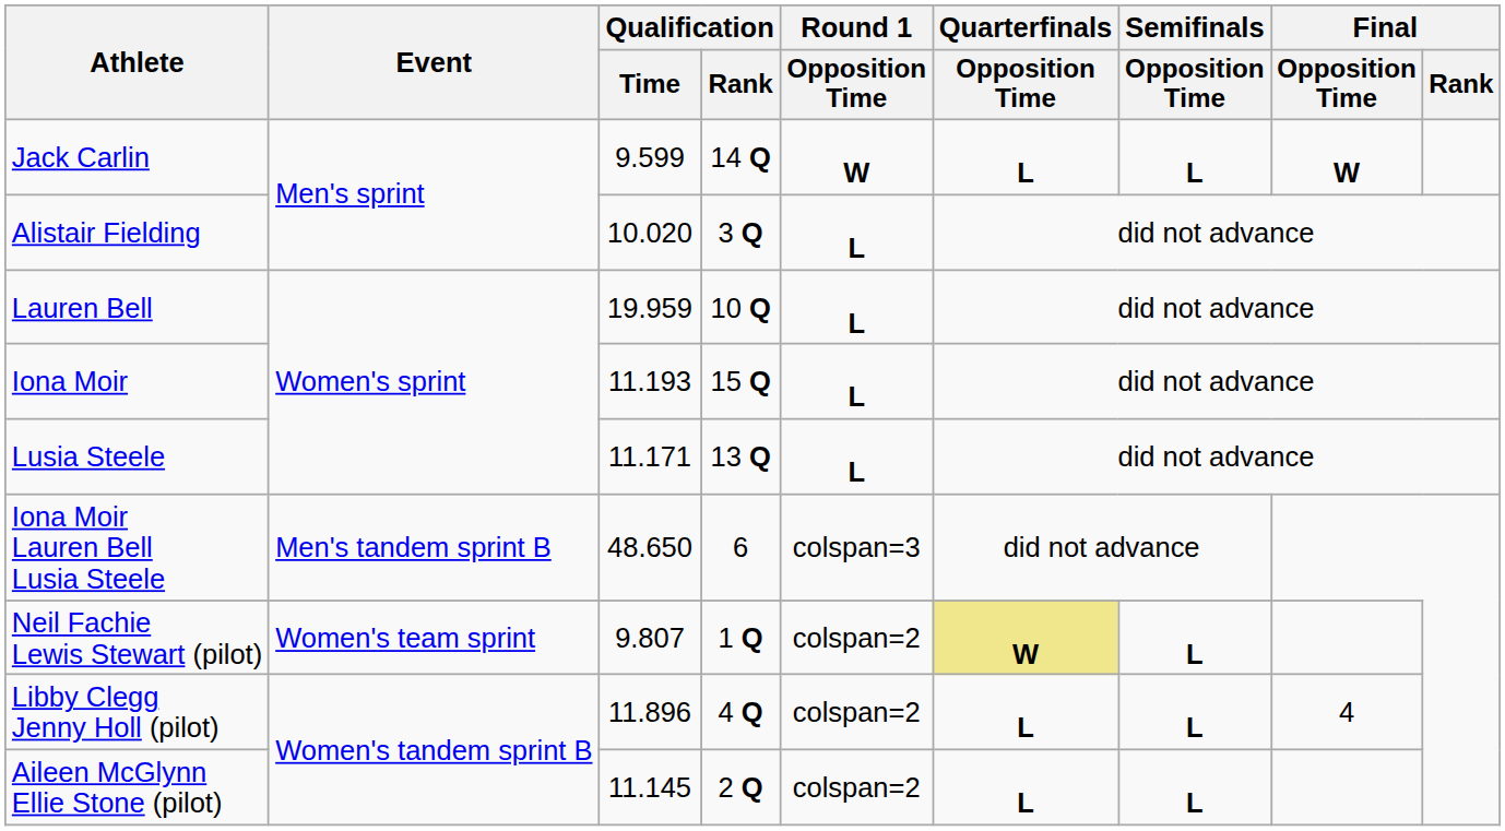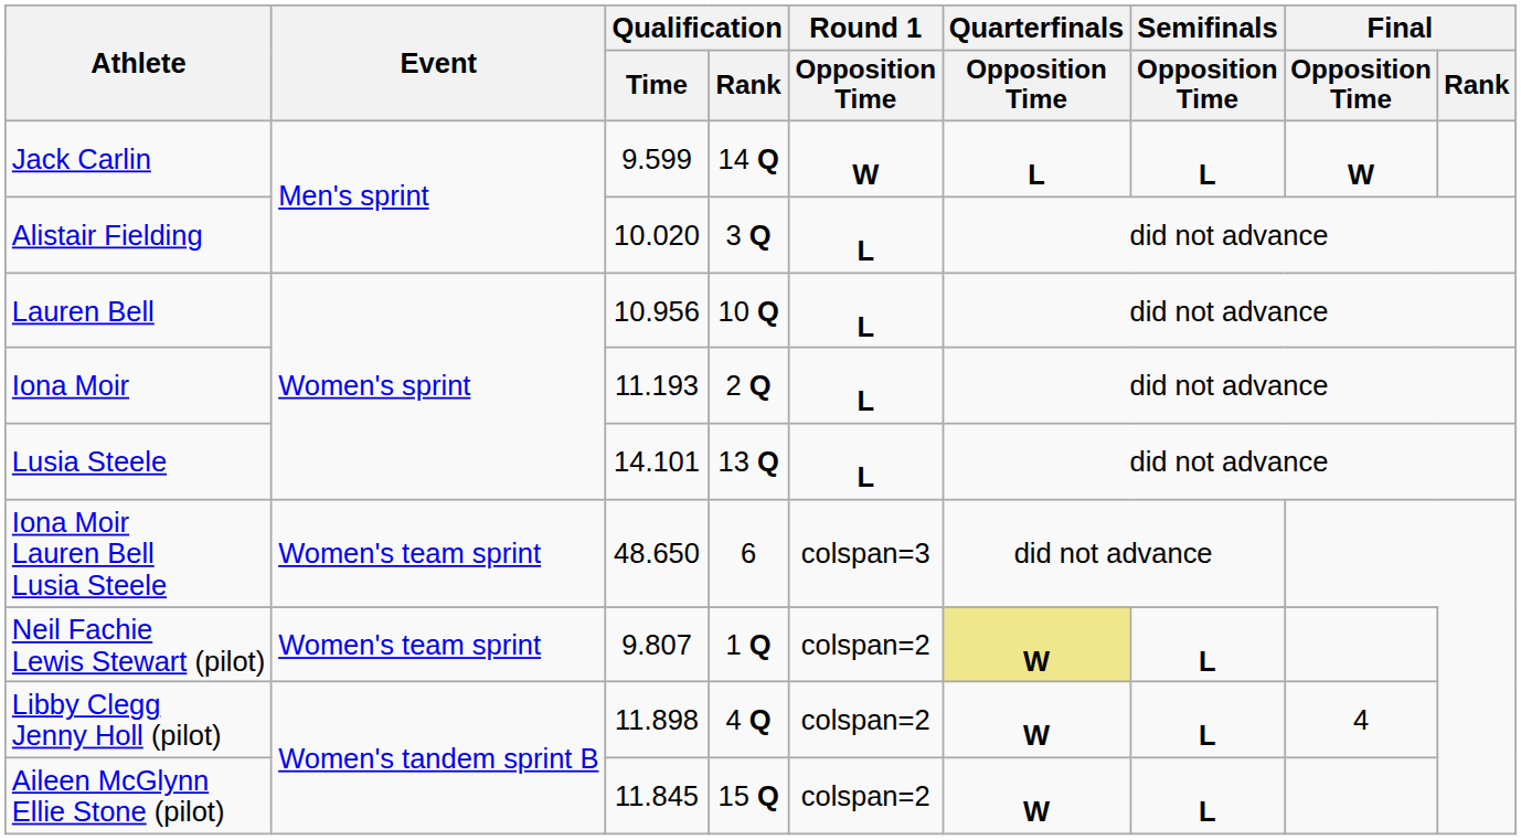 <table class="wikitable" style="font-size:90%;">
 <tr>
 <th rowspan=2>Athlete</th>
 <th rowspan=2>Event</th>
 <th colspan=2>Qualification</th>
 <th>Round 1</th>
 <th>Quarterfinals</th>
 <th>Semifinals</th>
 <th colspan=2>Final</th>
 </tr>
 <tr style="font-size:95%">
 <th>Time</th>
 <th>Rank</th>
 <th>Opposition<br>Time</th>
 <th>Opposition<br>Time</th>
 <th>Opposition<br>Time</th>
 <th>Opposition<br>Time</th>
 <th>Rank</th>
 </tr>
 <tr align=center>
 <td align=left><a href='#'>Jack Carlin</a></td>
 <td align=left rowspan=2><a href='#'>Men's sprint</a></td>
 <td>9.599</td>
 <td>14 <strong>Q</strong></td>
 <td><br><strong>W</strong></td>
 <td><br><strong>L</strong></td>
 <td><br><strong>L</strong></td>
 <td><br><strong>W</strong></td>
 <td></td>
 </tr>
 <tr align=center>
 <td align=left><a href='#'>Alistair Fielding</a></td>
 <td>10.020</td>
 <td>3 <strong>Q</strong></td>
 <td><br><strong>L</strong></td>
 <td colspan=4>did not advance</td>
 </tr>
 <tr align=center>
 <td align=left><a href='#'>Lauren Bell</a></td>
 <td align=left rowspan=3><a href='#'>Women's sprint</a></td>
-<td>19.959</td>
+<td>10.956</td>
 <td>10 <strong>Q</strong></td>
 <td><br><strong>L</strong></td>
 <td colspan=4>did not advance</td>
 </tr>
 <tr align=center>
 <td align=left><a href='#'>Iona Moir</a></td>
 <td>11.193</td>
-<td>15 <strong>Q</strong></td>
+<td>2 <strong>Q</strong></td>
 <td><br><strong>L</strong></td>
 <td colspan=4>did not advance</td>
 </tr>
 <tr align=center>
 <td align=left><a href='#'>Lusia Steele</a></td>
-<td>11.171</td>
+<td>14.101</td>
 <td>13 <strong>Q</strong></td>
 <td><br><strong>L</strong></td>
 <td colspan=4>did not advance</td>
 </tr>
 <tr align=center>
 <td align=left><a href='#'>Iona Moir</a><br><a href='#'>Lauren Bell</a><br><a href='#'>Lusia Steele</a></td>
-<td align=left><a href='#'>Men's tandem sprint B</a></td>
+<td align=left><a href='#'>Women's team sprint</a></td>
 <td>48.650</td>
 <td>6</td>
 <td>colspan=3 </td>
 <td colspan=2>did not advance</td>
 </tr>
 <tr align=center>
 <td align=left><a href='#'>Neil Fachie</a><br><a href='#'>Lewis Stewart</a> (pilot)</td>
 <td align=left><a href='#'>Women's team sprint</a></td>
 <td>9.807</td>
 <td>1 <strong>Q</strong></td>
 <td>colspan=2 </td>
 <td style="background: khaki;"><br><strong>W</strong></td>
 <td><br><strong>L</strong></td>
 <td></td>
 </tr>
 <tr align=center>
 <td align=left><a href='#'>Libby Clegg</a><br><a href='#'>Jenny Holl</a> (pilot)</td>
 <td align=left rowspan=2><a href='#'>Women's tandem sprint B</a></td>
-<td>11.896</td>
+<td>11.898</td>
 <td>4 <strong>Q</strong></td>
 <td>colspan=2 </td>
-<td><br><strong>L</strong></td>
+<td><br><strong>W</strong></td>
 <td><br><strong>L</strong></td>
 <td>4</td>
 </tr>
 <tr align=center>
 <td align=left><a href='#'>Aileen McGlynn</a><br><a href='#'>Ellie Stone</a> (pilot)</td>
-<td>11.145</td>
-<td>2 <strong>Q</strong></td>
+<td>11.845</td>
+<td>15 <strong>Q</strong></td>
 <td>colspan=2 </td>
-<td><br><strong>L</strong></td>
+<td><br><strong>W</strong></td>
 <td><br><strong>L</strong></td>
 <td></td>
 </tr>
 </table>
